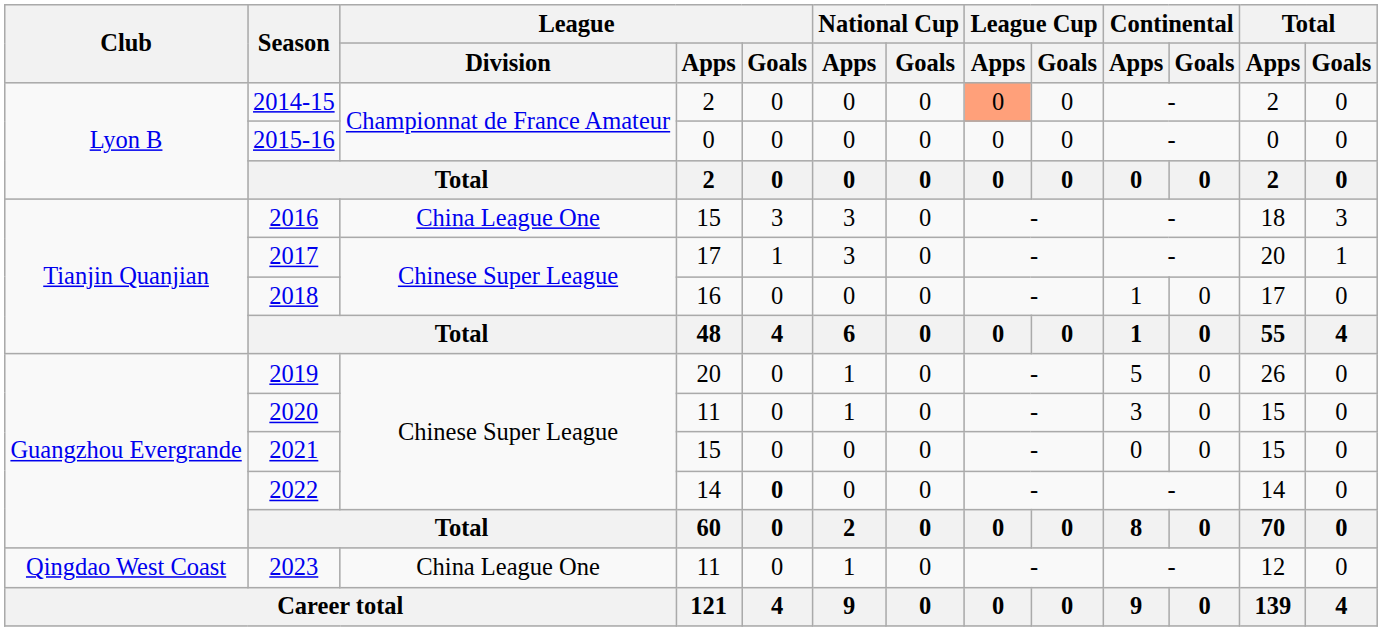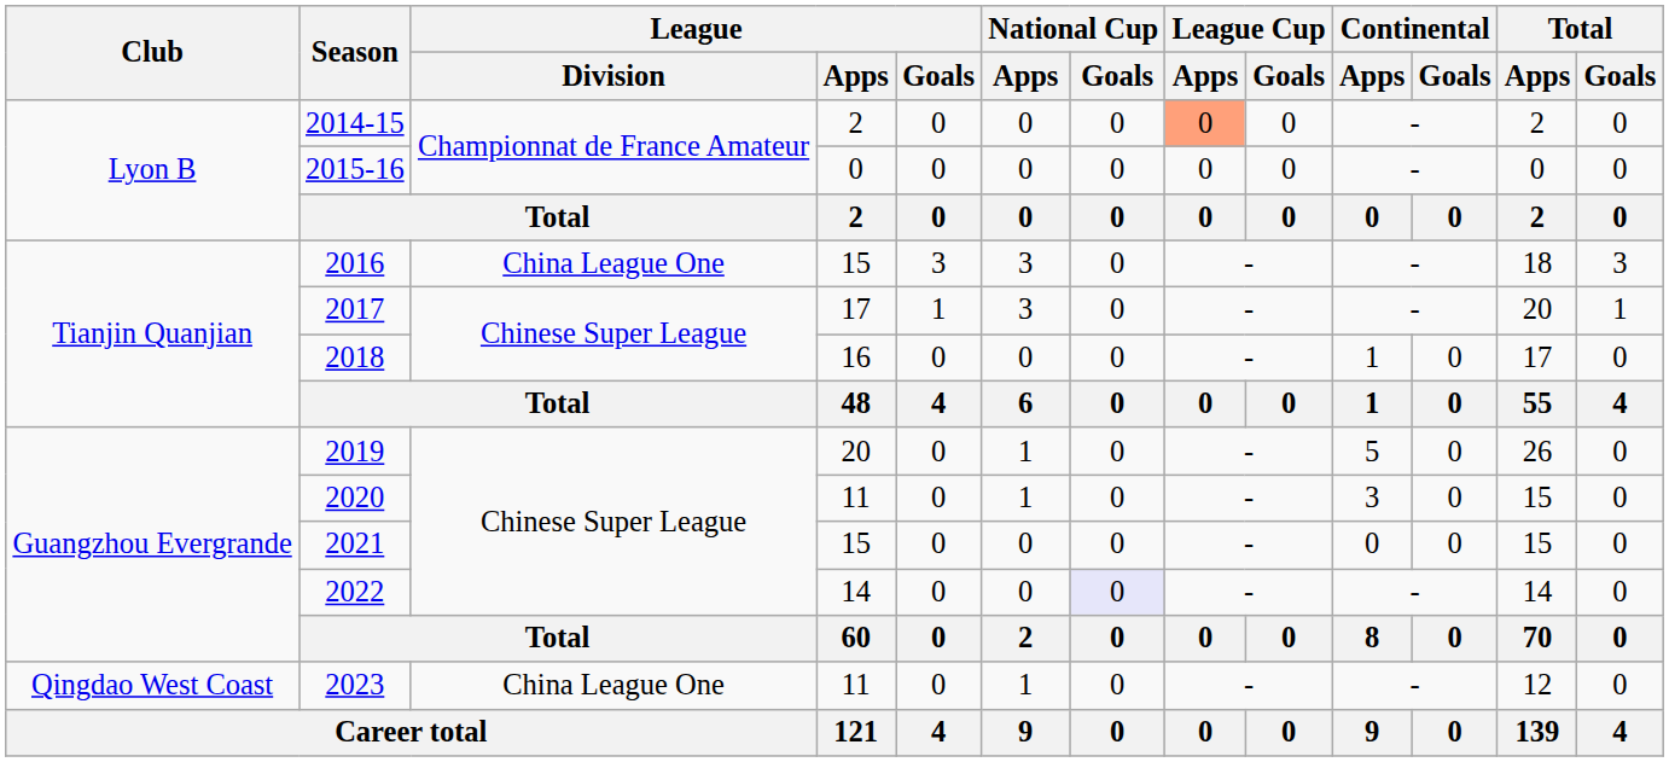 <table class="wikitable" style="text-align: center">
 <tr>
 <th rowspan="2">Club</th>
 <th rowspan="2">Season</th>
 <th colspan="3">League</th>
 <th colspan="2">National Cup</th>
 <th colspan="2">League Cup</th>
 <th colspan="2">Continental</th>
 <th colspan="2">Total</th>
 </tr>
 <tr>
 <th>Division</th>
 <th>Apps</th>
 <th>Goals</th>
 <th>Apps</th>
 <th>Goals</th>
 <th>Apps</th>
 <th>Goals</th>
 <th>Apps</th>
 <th>Goals</th>
 <th>Apps</th>
 <th>Goals</th>
 </tr>
 <tr>
 <td rowspan="3"><a href='#'>Lyon B</a></td>
 <td><a href='#'>2014-15</a></td>
 <td rowspan="2"><a href='#'>Championnat de France Amateur</a></td>
 <td>2</td>
 <td>0</td>
 <td>0</td>
 <td>0</td>
 <td style="background: lightsalmon;">0</td>
 <td>0</td>
 <td colspan="2">-</td>
 <td>2</td>
 <td>0</td>
 </tr>
 <tr>
 <td><a href='#'>2015-16</a></td>
 <td>0</td>
 <td>0</td>
 <td>0</td>
 <td>0</td>
 <td>0</td>
 <td>0</td>
 <td colspan="2">-</td>
 <td>0</td>
 <td>0</td>
 </tr>
 <tr>
 <th colspan="2"><strong>Total</strong></th>
 <th>2</th>
 <th>0</th>
 <th>0</th>
 <th>0</th>
 <th>0</th>
 <th>0</th>
 <th>0</th>
 <th>0</th>
 <th>2</th>
 <th>0</th>
 </tr>
 <tr>
 <td rowspan="4"><a href='#'>Tianjin Quanjian</a></td>
 <td><a href='#'>2016</a></td>
 <td><a href='#'>China League One</a></td>
 <td>15</td>
 <td>3</td>
 <td>3</td>
 <td>0</td>
 <td colspan="2">-</td>
 <td colspan="2">-</td>
 <td>18</td>
 <td>3</td>
 </tr>
 <tr>
 <td><a href='#'>2017</a></td>
 <td rowspan="2"><a href='#'>Chinese Super League</a></td>
 <td>17</td>
 <td>1</td>
 <td>3</td>
 <td>0</td>
 <td colspan="2">-</td>
 <td colspan="2">-</td>
 <td>20</td>
 <td>1</td>
 </tr>
 <tr>
 <td><a href='#'>2018</a></td>
 <td>16</td>
 <td>0</td>
 <td>0</td>
 <td>0</td>
 <td colspan="2">-</td>
 <td>1</td>
 <td>0</td>
 <td>17</td>
 <td>0</td>
 </tr>
 <tr>
 <th colspan="2"><strong>Total</strong></th>
 <th>48</th>
 <th>4</th>
 <th>6</th>
 <th>0</th>
 <th>0</th>
 <th>0</th>
 <th>1</th>
 <th>0</th>
 <th>55</th>
 <th>4</th>
 </tr>
 <tr>
 <td rowspan="5"><a href='#'>Guangzhou Evergrande</a></td>
 <td><a href='#'>2019</a></td>
 <td rowspan="4">Chinese Super League</td>
 <td>20</td>
 <td>0</td>
 <td>1</td>
 <td>0</td>
 <td colspan="2">-</td>
 <td>5</td>
 <td>0</td>
 <td>26</td>
 <td>0</td>
 </tr>
 <tr>
 <td><a href='#'>2020</a></td>
 <td>11</td>
 <td>0</td>
 <td>1</td>
 <td>0</td>
 <td colspan="2">-</td>
 <td>3</td>
 <td>0</td>
 <td>15</td>
 <td>0</td>
 </tr>
 <tr>
 <td><a href='#'>2021</a></td>
 <td>15</td>
 <td>0</td>
 <td>0</td>
 <td>0</td>
 <td colspan="2">-</td>
 <td>0</td>
 <td>0</td>
 <td>15</td>
 <td>0</td>
 </tr>
 <tr>
 <td><a href='#'>2022</a></td>
 <td>14</td>
-<td><strong>0</strong></td>
 <td>0</td>
 <td>0</td>
+<td style="background: lavender;">0</td>
 <td colspan="2">-</td>
 <td colspan="2">-</td>
 <td>14</td>
 <td>0</td>
 </tr>
 <tr>
 <th colspan="2"><strong>Total</strong></th>
 <th>60</th>
 <th>0</th>
 <th>2</th>
 <th>0</th>
 <th>0</th>
 <th>0</th>
 <th>8</th>
 <th>0</th>
 <th>70</th>
 <th>0</th>
 </tr>
 <tr>
 <td><a href='#'>Qingdao West Coast</a></td>
 <td><a href='#'>2023</a></td>
 <td>China League One</td>
 <td>11</td>
 <td>0</td>
 <td>1</td>
 <td>0</td>
 <td colspan="2">-</td>
 <td colspan="2">-</td>
 <td>12</td>
 <td>0</td>
 </tr>
 <tr>
 <th colspan=3>Career total</th>
 <th>121</th>
 <th>4</th>
 <th>9</th>
 <th>0</th>
 <th>0</th>
 <th>0</th>
 <th>9</th>
 <th>0</th>
 <th>139</th>
 <th>4</th>
 </tr>
 </table>
